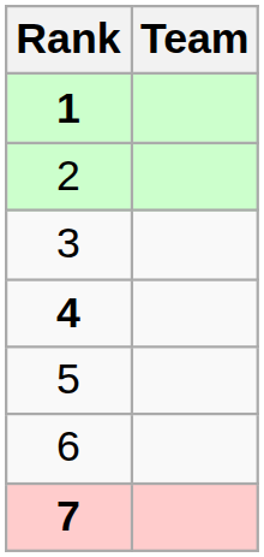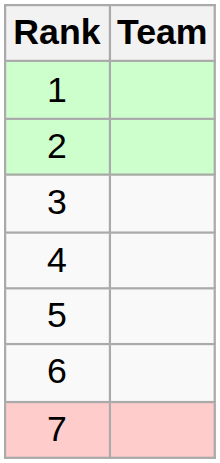 <table class=wikitable style="text-align: center;">
 <tr>
 <th>Rank</th>
 <th>Team</th>
 </tr>
 <tr style="background: #CCFFCC;">
-<td><strong>1</strong></td>
+<td>1</td>
 <td style="text-align: left;"><strong></strong></td>
 </tr>
 <tr style="background: #CCFFCC;">
 <td>2</td>
 <td style="text-align: left;"><strong></strong></td>
 </tr>
 <tr>
 <td>3</td>
 <td style="text-align: left;"></td>
 </tr>
 <tr>
-<td><strong>4</strong></td>
+<td>4</td>
 <td style="text-align: left;"></td>
 </tr>
 <tr>
 <td>5</td>
 <td style="text-align: left;"></td>
 </tr>
 <tr>
 <td>6</td>
 <td style="text-align: left;"></td>
 </tr>
 <tr style="background: #FFCCCC;">
-<td><strong>7</strong></td>
+<td>7</td>
 <td style="text-align: left;"></td>
 </tr>
 </table>
